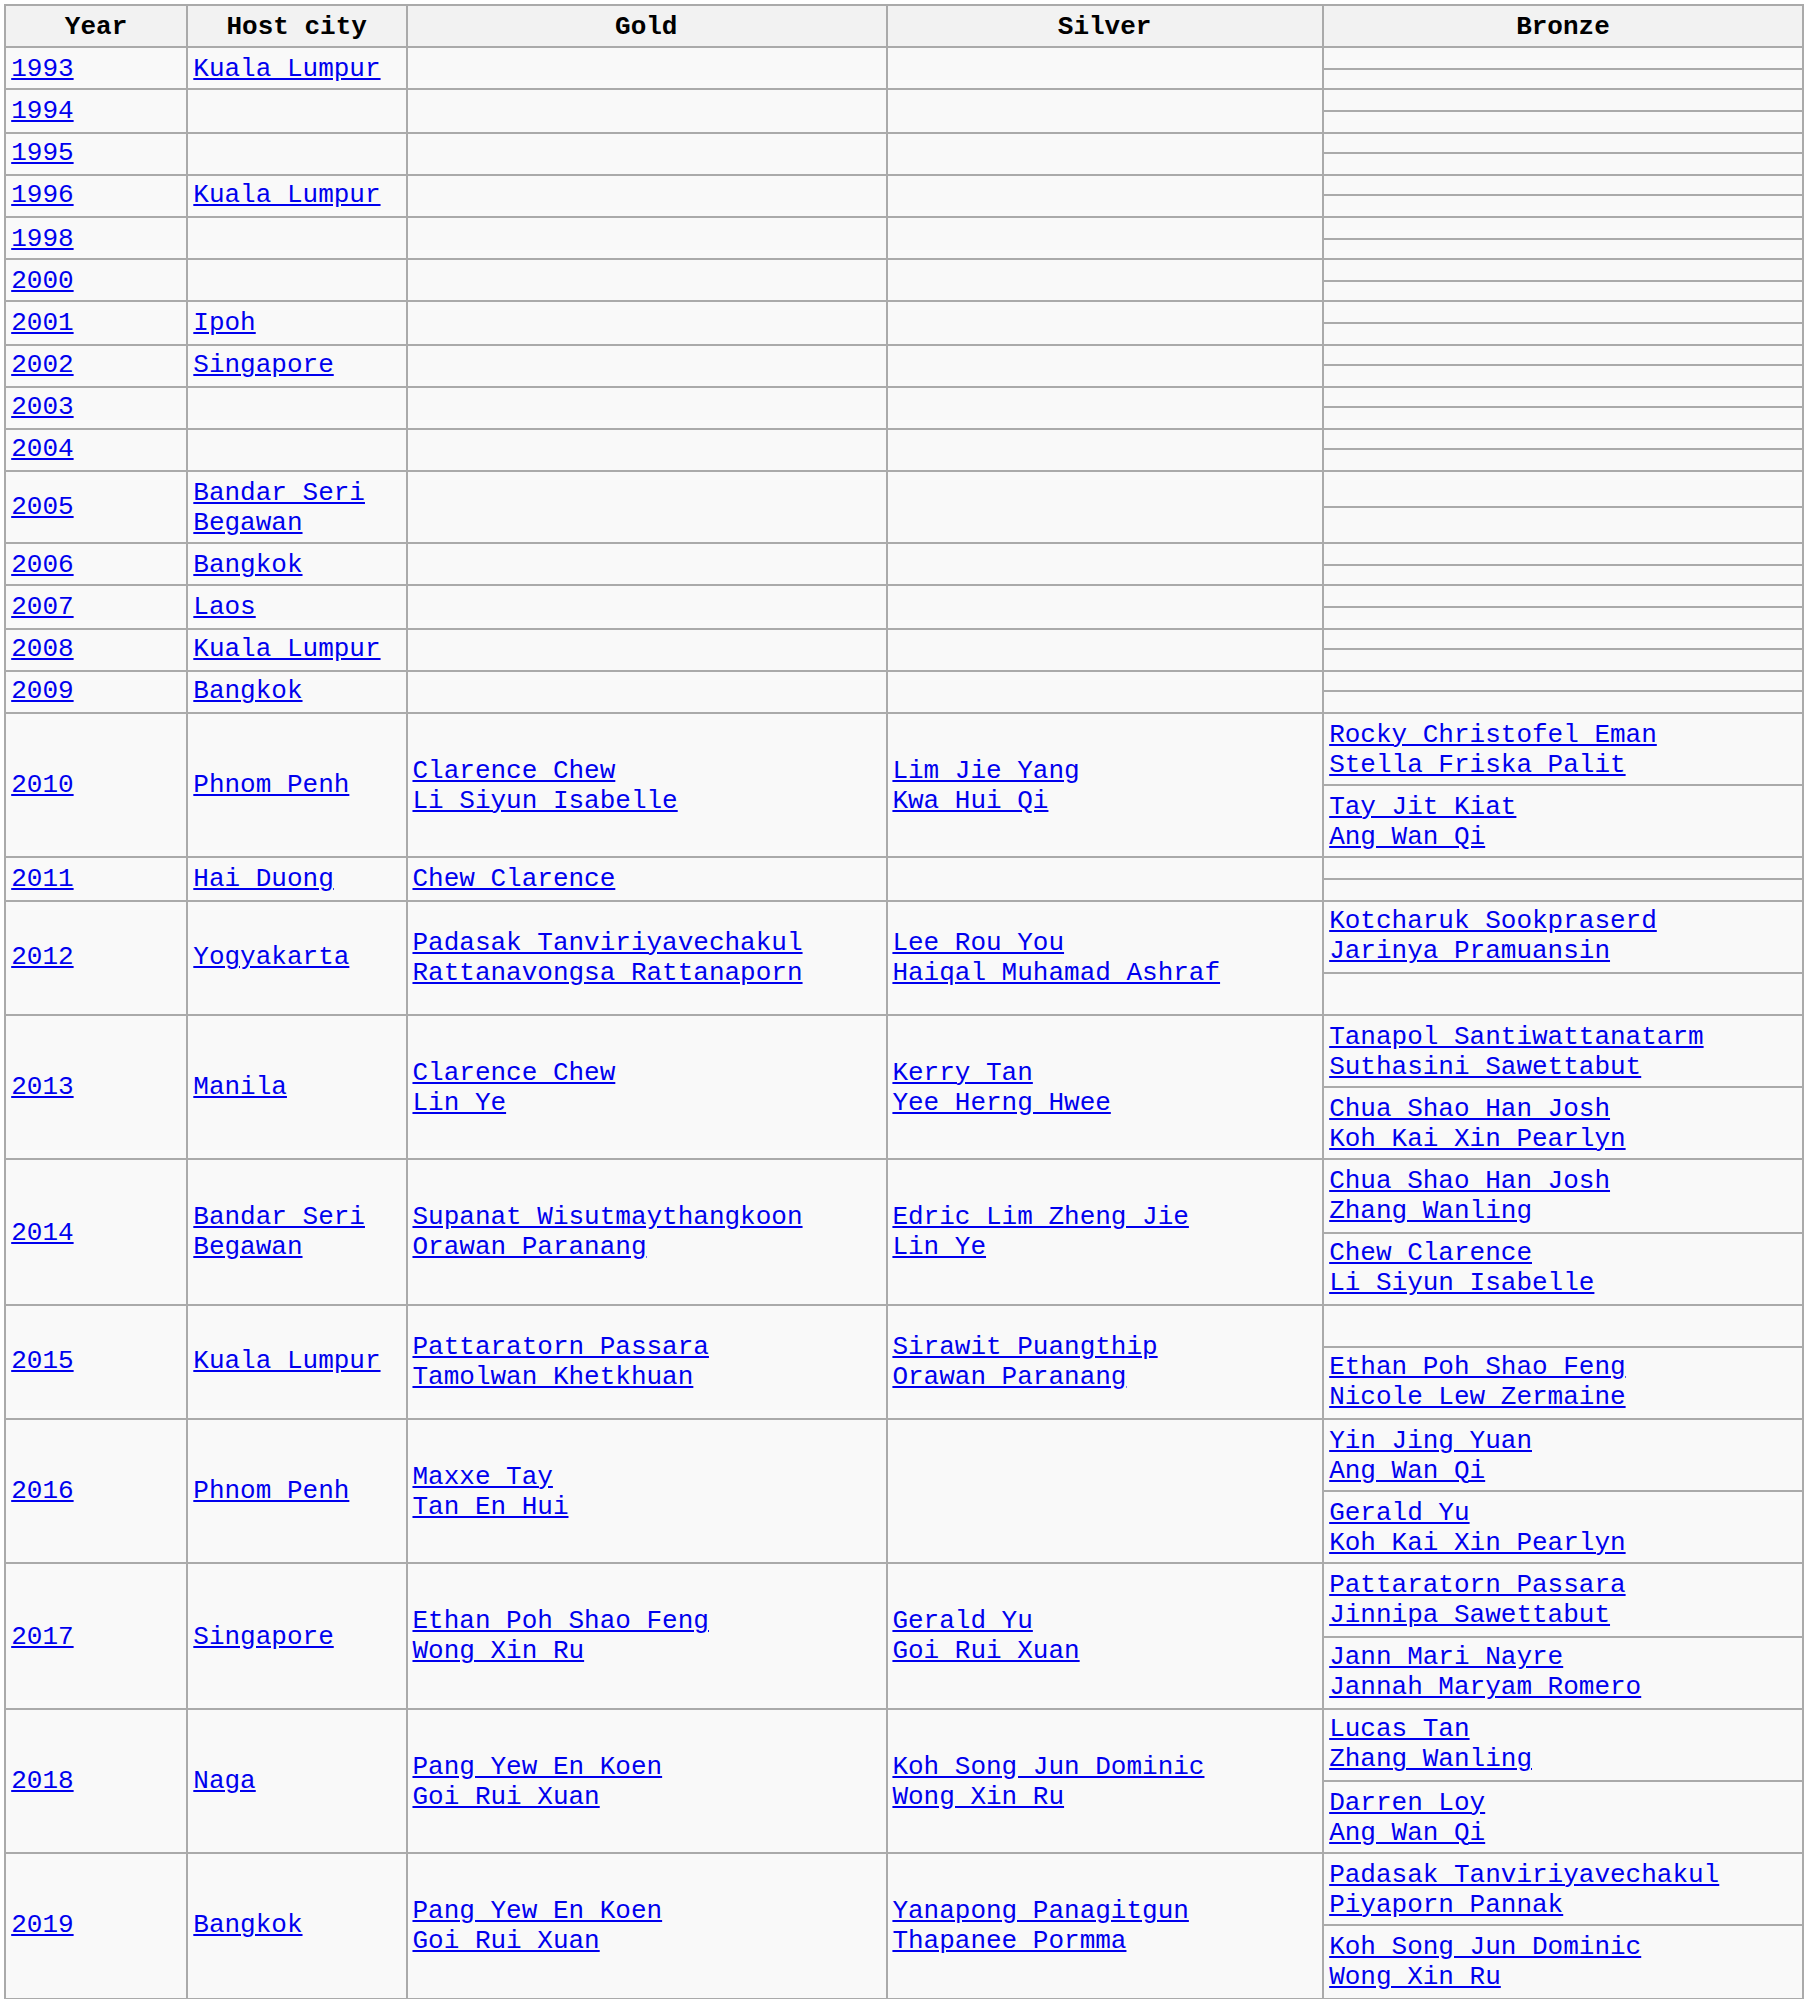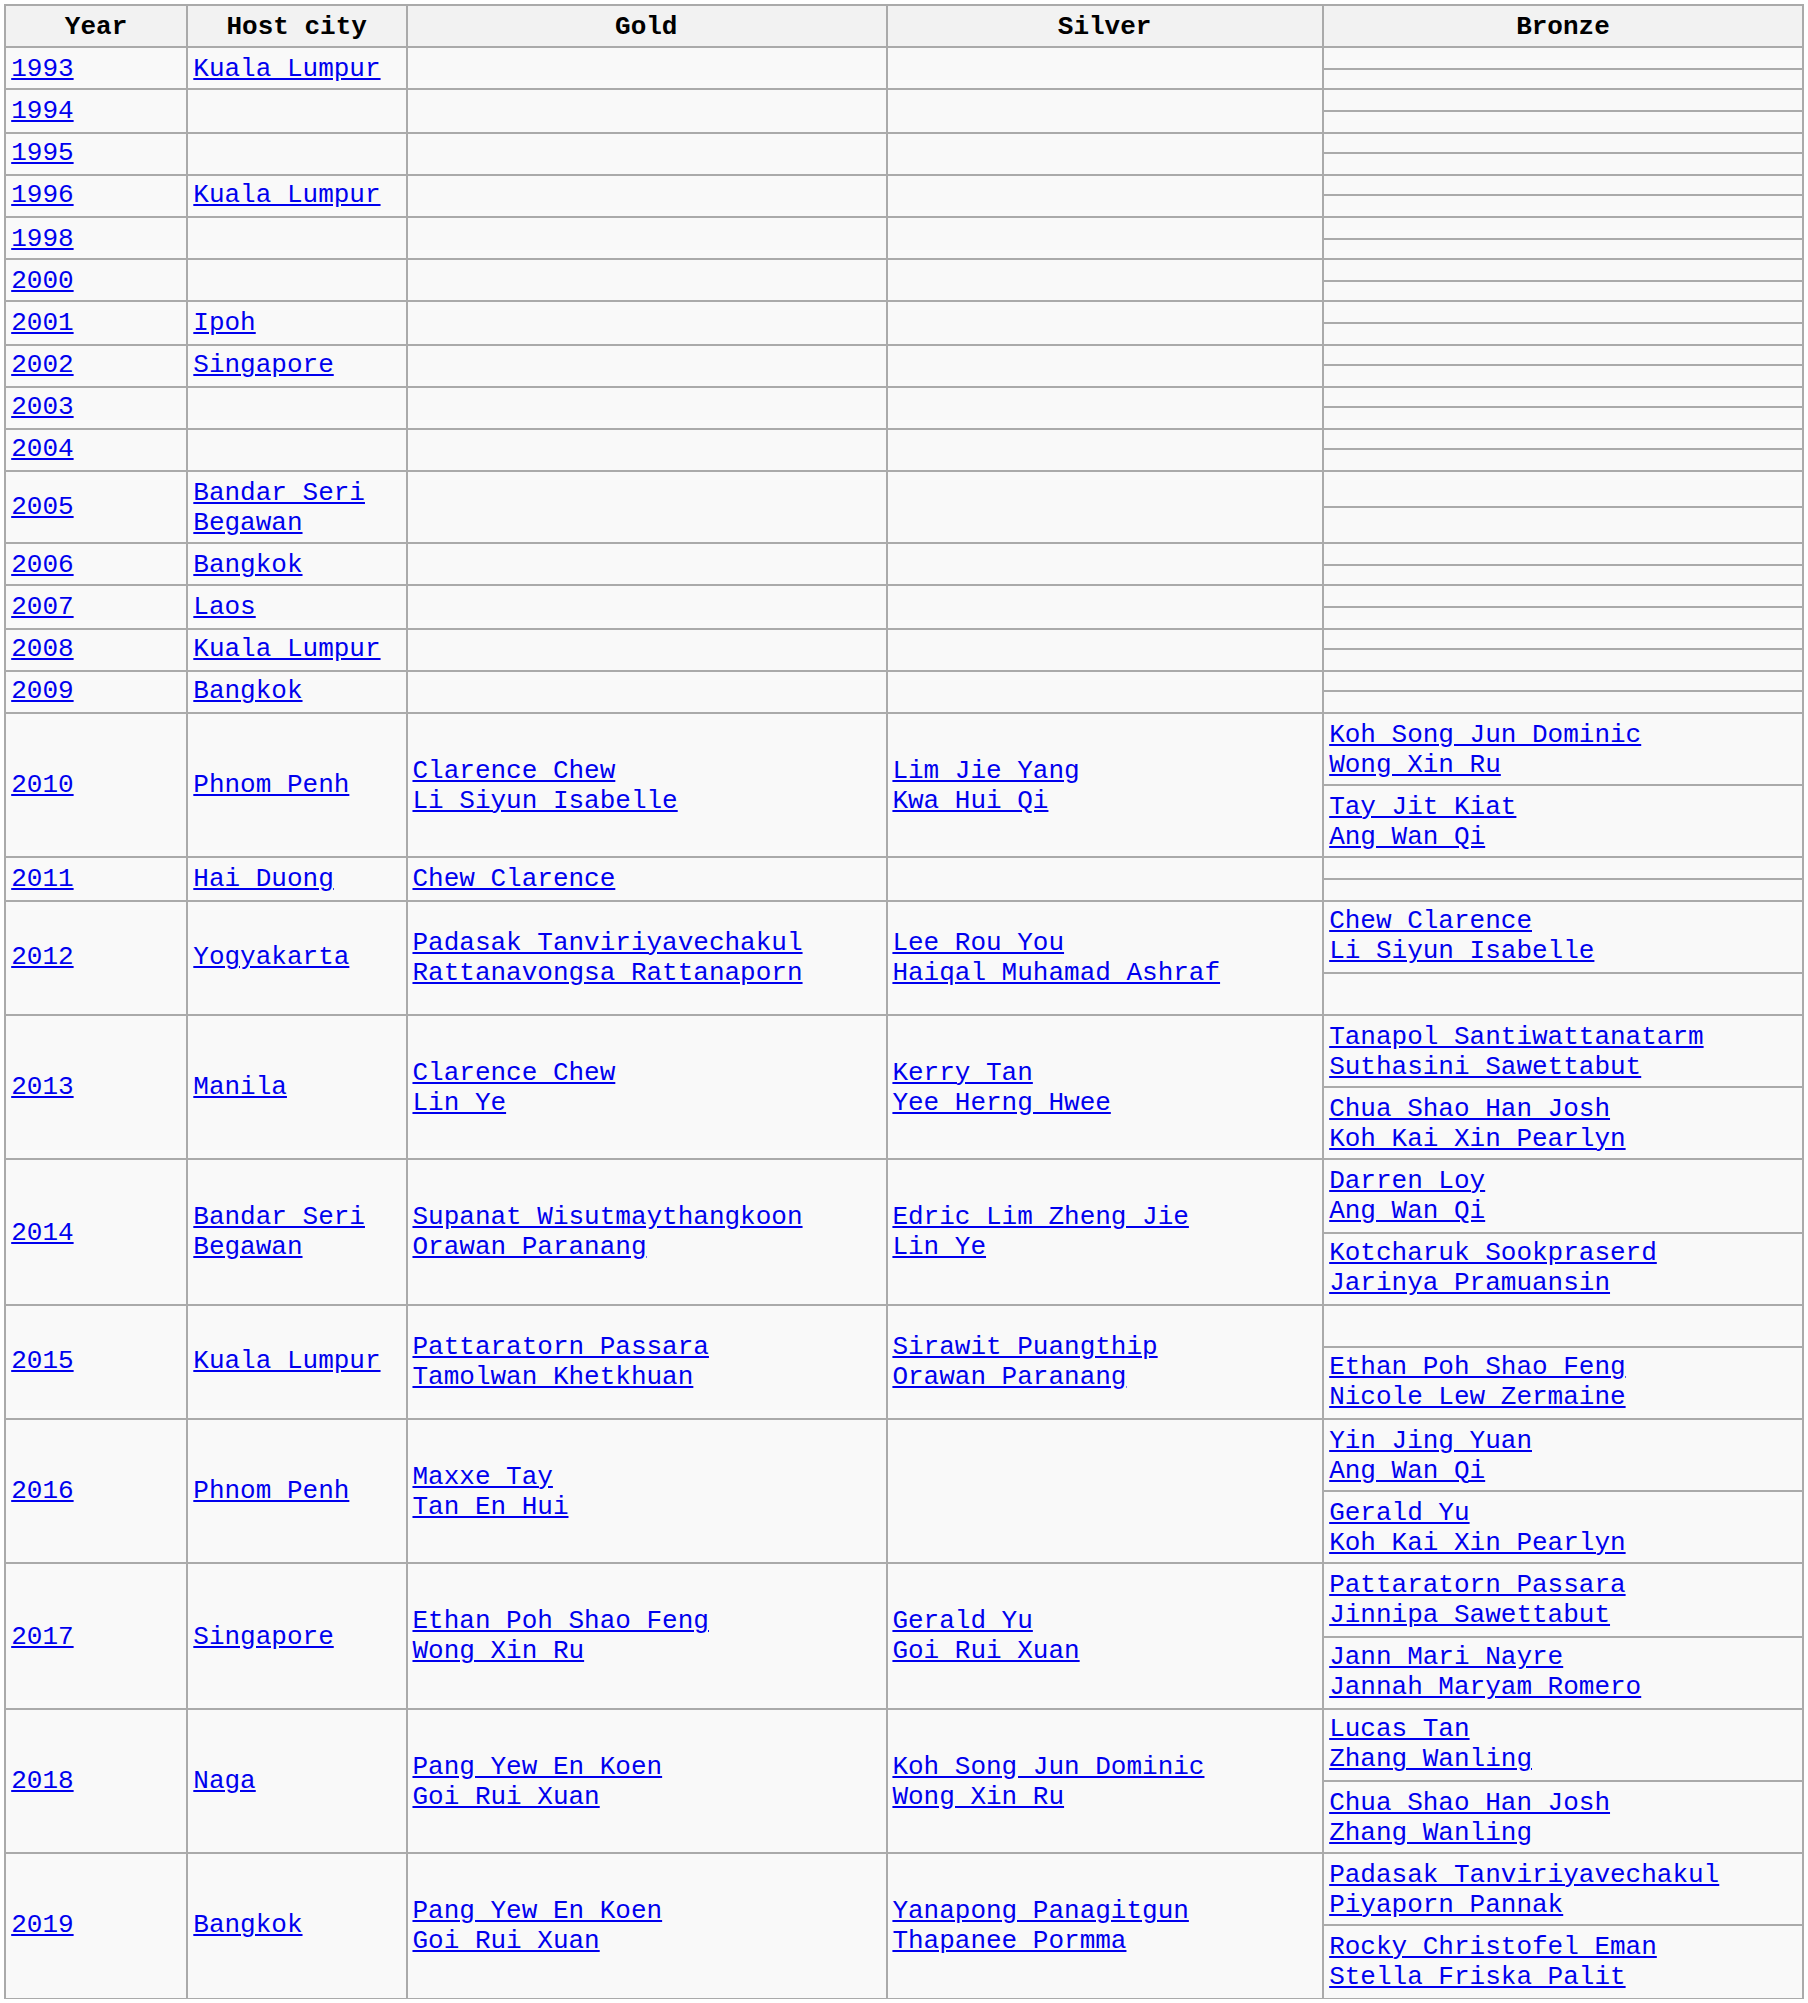 <table class="wikitable sortable" style="width:900px;">
 <tr>
 <th width="120">Year</th>
 <th width="120">Host city</th>
 <th width="300">Gold</th>
 <th width="300">Silver</th>
 <th width="300">Bronze</th>
 </tr>
 <tr>
 <td rowspan=2><a href='#'>1993</a></td>
 <td rowspan=2><a href='#'>Kuala Lumpur</a></td>
 <td rowspan=2></td>
 <td rowspan=2></td>
 <td></td>
 </tr>
 <tr>
 <td></td>
 </tr>
 <tr>
 <td rowspan=2><a href='#'>1994</a></td>
 <td rowspan=2></td>
 <td rowspan=2></td>
 <td rowspan=2></td>
 <td></td>
 </tr>
 <tr>
 <td></td>
 </tr>
 <tr>
 <td rowspan=2><a href='#'>1995</a></td>
 <td rowspan=2></td>
 <td rowspan=2></td>
 <td rowspan=2></td>
 <td></td>
 </tr>
 <tr>
 <td></td>
 </tr>
 <tr>
 <td rowspan=2><a href='#'>1996</a></td>
 <td rowspan=2><a href='#'>Kuala Lumpur</a></td>
 <td rowspan=2></td>
 <td rowspan=2></td>
 <td></td>
 </tr>
 <tr>
 <td></td>
 </tr>
 <tr>
 <td rowspan=2><a href='#'>1998</a></td>
 <td rowspan=2></td>
 <td rowspan=2></td>
 <td rowspan=2></td>
 <td></td>
 </tr>
 <tr>
 <td></td>
 </tr>
 <tr>
 <td rowspan=2><a href='#'>2000</a></td>
 <td rowspan=2></td>
 <td rowspan=2></td>
 <td rowspan=2></td>
 <td></td>
 </tr>
 <tr>
 <td></td>
 </tr>
 <tr>
 <td rowspan=2><a href='#'>2001</a></td>
 <td rowspan=2><a href='#'>Ipoh</a></td>
 <td rowspan=2></td>
 <td rowspan=2></td>
 <td></td>
 </tr>
 <tr>
 <td></td>
 </tr>
 <tr>
 <td rowspan=2><a href='#'>2002</a></td>
 <td rowspan=2><a href='#'>Singapore</a></td>
 <td rowspan=2></td>
 <td rowspan=2></td>
 <td></td>
 </tr>
 <tr>
 <td></td>
 </tr>
 <tr>
 <td rowspan=2><a href='#'>2003</a></td>
 <td rowspan=2></td>
 <td rowspan=2></td>
 <td rowspan=2></td>
 <td></td>
 </tr>
 <tr>
 <td></td>
 </tr>
 <tr>
 <td rowspan=2><a href='#'>2004</a></td>
 <td rowspan=2></td>
 <td rowspan=2></td>
 <td rowspan=2></td>
 <td></td>
 </tr>
 <tr>
 <td></td>
 </tr>
 <tr>
 <td rowspan=2><a href='#'>2005</a></td>
 <td rowspan=2><a href='#'>Bandar Seri Begawan</a></td>
 <td rowspan=2></td>
 <td rowspan=2></td>
 <td></td>
 </tr>
 <tr>
 <td></td>
 </tr>
 <tr>
 <td rowspan=2><a href='#'>2006</a></td>
 <td rowspan=2><a href='#'>Bangkok</a></td>
 <td rowspan=2></td>
 <td rowspan=2></td>
 <td></td>
 </tr>
 <tr>
 <td></td>
 </tr>
 <tr>
 <td rowspan=2><a href='#'>2007</a></td>
 <td rowspan=2><a href='#'>Laos</a></td>
 <td rowspan=2></td>
 <td rowspan=2></td>
 <td></td>
 </tr>
 <tr>
 <td></td>
 </tr>
 <tr>
 <td rowspan=2><a href='#'>2008</a></td>
 <td rowspan=2><a href='#'>Kuala Lumpur</a></td>
 <td rowspan=2></td>
 <td rowspan=2></td>
 <td></td>
 </tr>
 <tr>
 <td></td>
 </tr>
 <tr>
 <td rowspan=2><a href='#'>2009</a></td>
 <td rowspan=2><a href='#'>Bangkok</a></td>
 <td rowspan=2></td>
 <td rowspan=2></td>
 <td></td>
 </tr>
 <tr>
 <td></td>
 </tr>
 <tr>
 <td rowspan=2><a href='#'>2010</a></td>
 <td rowspan=2><a href='#'>Phnom Penh</a></td>
 <td rowspan=2> <a href='#'>Clarence Chew</a><br> <a href='#'>Li Siyun Isabelle</a></td>
 <td rowspan=2> <a href='#'>Lim Jie Yang</a><br> <a href='#'>Kwa Hui Qi</a></td>
-<td> <a href='#'>Rocky Christofel Eman</a><br> <a href='#'>Stella Friska Palit</a></td>
+<td> <a href='#'>Koh Song Jun Dominic</a><br> <a href='#'>Wong Xin Ru</a></td>
 </tr>
 <tr>
 <td> <a href='#'>Tay Jit Kiat</a><br> <a href='#'>Ang Wan Qi</a></td>
 </tr>
 <tr>
 <td rowspan=2><a href='#'>2011</a></td>
 <td rowspan=2><a href='#'>Hai Duong</a></td>
 <td rowspan=2> <a href='#'>Chew Clarence</a><br></td>
 <td rowspan=2></td>
 <td></td>
 </tr>
 <tr>
 <td></td>
 </tr>
 <tr>
 <td rowspan=2><a href='#'>2012</a></td>
 <td rowspan=2><a href='#'>Yogyakarta</a></td>
 <td rowspan=2> <a href='#'>Padasak Tanviriyavechakul</a><br><a href='#'>Rattanavongsa Rattanaporn</a></td>
 <td rowspan=2> <a href='#'>Lee Rou You</a><br><a href='#'>Haiqal Muhamad Ashraf</a></td>
-<td> <a href='#'>Kotcharuk Sookpraserd</a><br> <a href='#'>Jarinya Pramuansin</a></td>
+<td> <a href='#'>Chew Clarence</a><br> <a href='#'>Li Siyun Isabelle</a></td>
 </tr>
 <tr>
 <td> <br></td>
 </tr>
 <tr>
 <td rowspan=2><a href='#'>2013</a></td>
 <td rowspan=2><a href='#'>Manila</a></td>
 <td rowspan=2> <a href='#'>Clarence Chew</a><br> <a href='#'>Lin Ye</a></td>
 <td rowspan=2> <a href='#'>Kerry Tan</a><br> <a href='#'>Yee Herng Hwee</a></td>
 <td> <a href='#'>Tanapol Santiwattanatarm</a><br> <a href='#'>Suthasini Sawettabut</a></td>
 </tr>
 <tr>
 <td> <a href='#'>Chua Shao Han Josh</a><br> <a href='#'>Koh Kai Xin Pearlyn</a></td>
 </tr>
 <tr>
 <td rowspan=2><a href='#'>2014</a></td>
 <td rowspan=2><a href='#'>Bandar Seri Begawan</a></td>
 <td rowspan=2> <a href='#'>Supanat Wisutmaythangkoon</a><br> <a href='#'>Orawan Paranang</a></td>
 <td rowspan=2> <a href='#'>Edric Lim Zheng Jie</a><br> <a href='#'>Lin Ye</a></td>
-<td> <a href='#'>Chua Shao Han Josh</a><br> <a href='#'>Zhang Wanling</a></td>
+<td> <a href='#'>Darren Loy</a><br> <a href='#'>Ang Wan Qi</a></td>
 </tr>
 <tr>
-<td> <a href='#'>Chew Clarence</a><br> <a href='#'>Li Siyun Isabelle</a></td>
+<td> <a href='#'>Kotcharuk Sookpraserd</a><br> <a href='#'>Jarinya Pramuansin</a></td>
 </tr>
 <tr>
 <td rowspan=2><a href='#'>2015</a></td>
 <td rowspan=2><a href='#'>Kuala Lumpur</a></td>
 <td rowspan=2> <a href='#'>Pattaratorn Passara</a><br> <a href='#'>Tamolwan Khetkhuan</a></td>
 <td rowspan=2> <a href='#'>Sirawit Puangthip</a><br> <a href='#'>Orawan Paranang</a></td>
 <td> <br></td>
 </tr>
 <tr>
 <td> <a href='#'>Ethan Poh Shao Feng</a><br> <a href='#'>Nicole Lew Zermaine</a></td>
 </tr>
 <tr>
 <td rowspan=2><a href='#'>2016</a></td>
 <td rowspan=2><a href='#'>Phnom Penh</a></td>
 <td rowspan=2> <a href='#'>Maxxe Tay</a><br> <a href='#'>Tan En Hui</a></td>
 <td rowspan=2> <br></td>
 <td> <a href='#'>Yin Jing Yuan</a><br> <a href='#'>Ang Wan Qi</a></td>
 </tr>
 <tr>
 <td> <a href='#'>Gerald Yu</a><br> <a href='#'>Koh Kai Xin Pearlyn</a></td>
 </tr>
 <tr>
 <td rowspan=2><a href='#'>2017</a></td>
 <td rowspan=2><a href='#'>Singapore</a></td>
 <td rowspan=2> <a href='#'>Ethan Poh Shao Feng</a><br> <a href='#'>Wong Xin Ru</a></td>
 <td rowspan=2> <a href='#'>Gerald Yu</a><br> <a href='#'>Goi Rui Xuan</a></td>
 <td> <a href='#'>Pattaratorn Passara</a><br> <a href='#'>Jinnipa Sawettabut</a></td>
 </tr>
 <tr>
 <td> <a href='#'>Jann Mari Nayre</a><br> <a href='#'>Jannah Maryam Romero</a></td>
 </tr>
 <tr>
 <td rowspan=2><a href='#'>2018</a></td>
 <td rowspan=2><a href='#'>Naga</a></td>
 <td rowspan=2> <a href='#'>Pang Yew En Koen</a><br> <a href='#'>Goi Rui Xuan</a></td>
 <td rowspan=2> <a href='#'>Koh Song Jun Dominic</a><br> <a href='#'>Wong Xin Ru</a></td>
 <td> <a href='#'>Lucas Tan</a><br> <a href='#'>Zhang Wanling</a></td>
 </tr>
 <tr>
-<td> <a href='#'>Darren Loy</a><br> <a href='#'>Ang Wan Qi</a></td>
+<td> <a href='#'>Chua Shao Han Josh</a><br> <a href='#'>Zhang Wanling</a></td>
 </tr>
 <tr>
 <td rowspan=2><a href='#'>2019</a></td>
 <td rowspan=2><a href='#'>Bangkok</a></td>
 <td rowspan=2> <a href='#'>Pang Yew En Koen</a><br> <a href='#'>Goi Rui Xuan</a></td>
 <td rowspan=2> <a href='#'>Yanapong Panagitgun</a><br> <a href='#'>Thapanee Pormma</a></td>
 <td> <a href='#'>Padasak Tanviriyavechakul</a><br> <a href='#'>Piyaporn Pannak</a></td>
 </tr>
 <tr>
-<td> <a href='#'>Koh Song Jun Dominic</a><br> <a href='#'>Wong Xin Ru</a></td>
+<td> <a href='#'>Rocky Christofel Eman</a><br> <a href='#'>Stella Friska Palit</a></td>
 </tr>
 </table>
